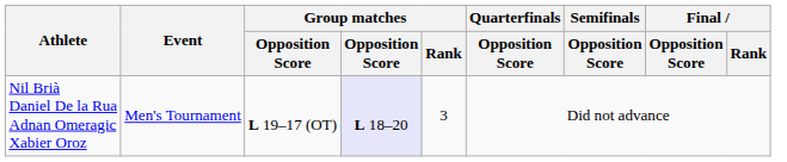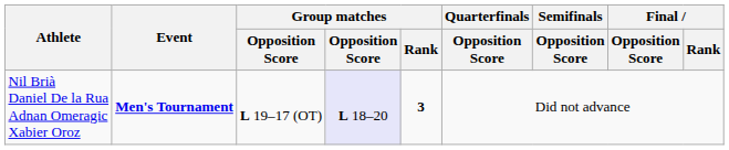 <table class=wikitable style="font-size:90%">
 <tr>
 <th rowspan="2">Athlete</th>
 <th rowspan="2">Event</th>
 <th colspan="3">Group matches</th>
 <th>Quarterfinals</th>
 <th>Semifinals</th>
 <th colspan=2>Final / </th>
 </tr>
 <tr>
 <th>Opposition<br>Score</th>
 <th>Opposition<br>Score</th>
 <th>Rank</th>
 <th>Opposition<br>Score</th>
 <th>Opposition<br>Score</th>
 <th>Opposition<br>Score</th>
 <th>Rank</th>
 </tr>
 <tr align=center>
 <td align=left><a href='#'>Nil Brià</a><br><a href='#'>Daniel De la Rua</a><br><a href='#'>Adnan Omeragic</a><br><a href='#'>Xabier Oroz</a></td>
-<td align=left><a href='#'>Men's Tournament</a></td>
+<td align=left><strong><a href='#'>Men's Tournament</a></strong></td>
 <td><br><strong>L</strong> 19–17 (OT)</td>
 <td style="background: lavender;"><br><strong>L</strong> 18–20</td>
-<td>3</td>
+<td><strong>3</strong></td>
 <td colspan=4>Did not advance</td>
 </tr>
 </table>
